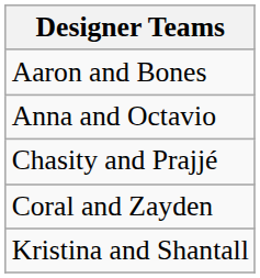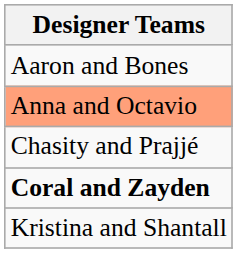 <table class="wikitable">
 <tr>
 <th>Designer Teams</th>
 </tr>
 <tr>
 <td>Aaron and Bones</td>
 </tr>
 <tr>
-<td>Anna and Octavio</td>
+<td style="background: lightsalmon;">Anna and Octavio</td>
 </tr>
 <tr>
 <td>Chasity and Prajjé</td>
 </tr>
 <tr>
-<td>Coral and Zayden</td>
+<td><strong>Coral and Zayden</strong></td>
 </tr>
 <tr>
 <td>Kristina and Shantall</td>
 </tr>
 </table>
